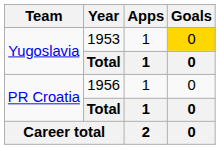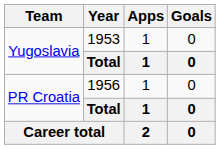 <table class="wikitable" style="text-align:center">
 <tr>
 <th>Team</th>
 <th>Year</th>
 <th>Apps</th>
 <th>Goals</th>
 </tr>
 <tr>
 <td rowspan="2"><a href='#'>Yugoslavia</a></td>
 <td>1953</td>
 <td>1</td>
-<td style="background: gold;">0</td>
+<td>0</td>
 </tr>
 <tr>
 <th>Total</th>
 <th>1</th>
 <th>0</th>
 </tr>
 <tr>
 <td rowspan="2"><a href='#'>PR Croatia</a></td>
 <td>1956</td>
 <td>1</td>
 <td>0</td>
 </tr>
 <tr>
 <th>Total</th>
 <th>1</th>
 <th>0</th>
 </tr>
 <tr>
 <th colspan="2">Career total</th>
 <th>2</th>
 <th>0</th>
 </tr>
 </table>
